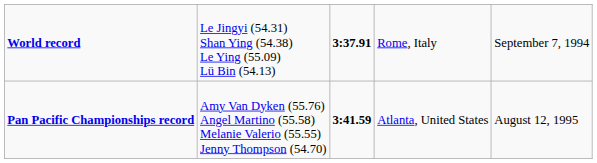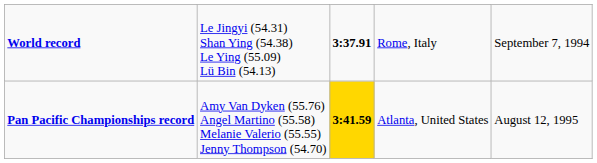 <table class="wikitable">
 <tr>
 <td><strong><a href='#'>World record</a></strong></td>
 <td><br><a href='#'>Le Jingyi</a> (54.31) <br><a href='#'>Shan Ying</a> (54.38)<br><a href='#'>Le Ying</a> (55.09)<br><a href='#'>Lü Bin</a> (54.13)</td>
 <td><strong>3:37.91</strong></td>
 <td><a href='#'>Rome</a>, Italy</td>
 <td>September 7, 1994</td>
 </tr>
 <tr>
 <td><strong><a href='#'>Pan Pacific Championships record</a></strong></td>
 <td><br><a href='#'>Amy Van Dyken</a> (55.76) <br><a href='#'>Angel Martino</a> (55.58) <br><a href='#'>Melanie Valerio</a> (55.55) <br><a href='#'>Jenny Thompson</a> (54.70)</td>
-<td><strong>3:41.59</strong></td>
+<td style="background: gold;"><strong>3:41.59</strong></td>
 <td><a href='#'>Atlanta</a>, United States</td>
 <td>August 12, 1995</td>
 </tr>
 </table>
